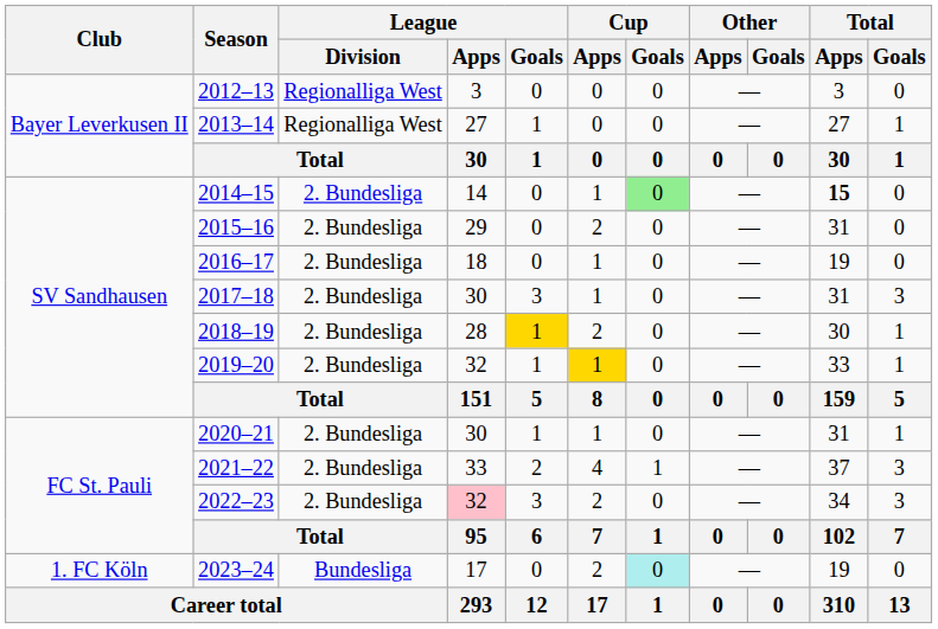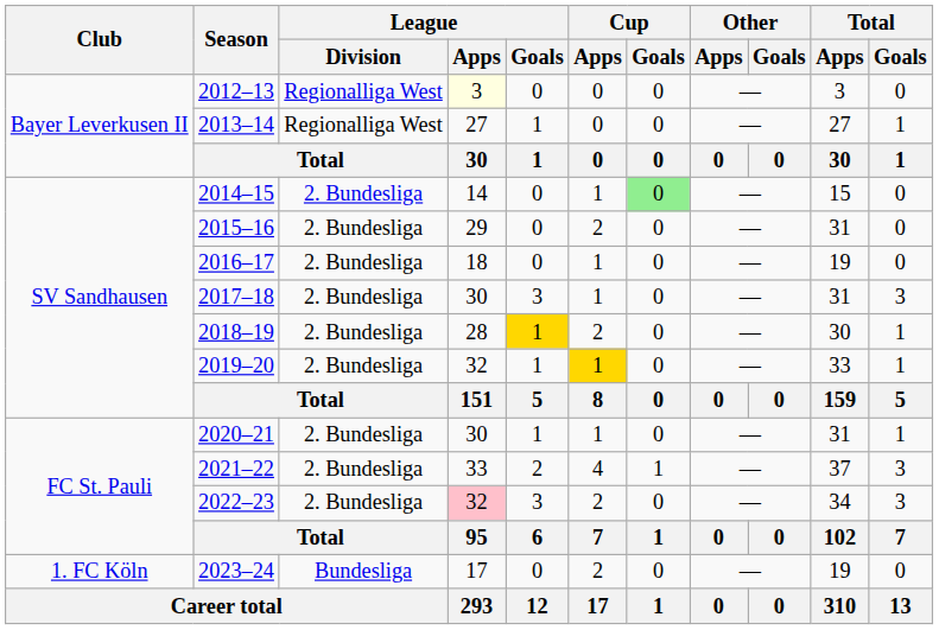 <table class="wikitable" style="text-align:center">
 <tr>
 <th rowspan="2">Club</th>
 <th rowspan="2">Season</th>
 <th colspan="3">League</th>
 <th colspan="2">Cup</th>
 <th colspan="2">Other</th>
 <th colspan="2">Total</th>
 </tr>
 <tr>
 <th>Division</th>
 <th>Apps</th>
 <th>Goals</th>
 <th>Apps</th>
 <th>Goals</th>
 <th>Apps</th>
 <th>Goals</th>
 <th>Apps</th>
 <th>Goals</th>
 </tr>
 <tr>
 <td rowspan="3"><a href='#'>Bayer Leverkusen II</a></td>
 <td><a href='#'>2012–13</a></td>
 <td><a href='#'>Regionalliga West</a></td>
-<td>3</td>
+<td style="background: lightyellow;">3</td>
 <td>0</td>
 <td>0</td>
 <td>0</td>
 <td colspan="2">—</td>
 <td>3</td>
 <td>0</td>
 </tr>
 <tr>
 <td><a href='#'>2013–14</a></td>
 <td>Regionalliga West</td>
 <td>27</td>
 <td>1</td>
 <td>0</td>
 <td>0</td>
 <td colspan="2">—</td>
 <td>27</td>
 <td>1</td>
 </tr>
 <tr>
 <th colspan="2">Total</th>
 <th>30</th>
 <th>1</th>
 <th>0</th>
 <th>0</th>
 <th>0</th>
 <th>0</th>
 <th>30</th>
 <th>1</th>
 </tr>
 <tr>
 <td rowspan="7"><a href='#'>SV Sandhausen</a></td>
 <td><a href='#'>2014–15</a></td>
 <td><a href='#'>2. Bundesliga</a></td>
 <td>14</td>
 <td>0</td>
 <td>1</td>
 <td style="background: lightgreen;">0</td>
 <td colspan="2">—</td>
-<td><strong>15</strong></td>
+<td>15</td>
 <td>0</td>
 </tr>
 <tr>
 <td><a href='#'>2015–16</a></td>
 <td>2. Bundesliga</td>
 <td>29</td>
 <td>0</td>
 <td>2</td>
 <td>0</td>
 <td colspan="2">—</td>
 <td>31</td>
 <td>0</td>
 </tr>
 <tr>
 <td><a href='#'>2016–17</a></td>
 <td>2. Bundesliga</td>
 <td>18</td>
 <td>0</td>
 <td>1</td>
 <td>0</td>
 <td colspan="2">—</td>
 <td>19</td>
 <td>0</td>
 </tr>
 <tr>
 <td><a href='#'>2017–18</a></td>
 <td>2. Bundesliga</td>
 <td>30</td>
 <td>3</td>
 <td>1</td>
 <td>0</td>
 <td colspan="2">—</td>
 <td>31</td>
 <td>3</td>
 </tr>
 <tr>
 <td><a href='#'>2018–19</a></td>
 <td>2. Bundesliga</td>
 <td>28</td>
 <td style="background: gold;">1</td>
 <td>2</td>
 <td>0</td>
 <td colspan="2">—</td>
 <td>30</td>
 <td>1</td>
 </tr>
 <tr>
 <td><a href='#'>2019–20</a></td>
 <td>2. Bundesliga</td>
 <td>32</td>
 <td>1</td>
 <td style="background: gold;">1</td>
 <td>0</td>
 <td colspan="2">—</td>
 <td>33</td>
 <td>1</td>
 </tr>
 <tr>
 <th colspan="2">Total</th>
 <th>151</th>
 <th>5</th>
 <th>8</th>
 <th>0</th>
 <th>0</th>
 <th>0</th>
 <th>159</th>
 <th>5</th>
 </tr>
 <tr>
 <td rowspan="4"><a href='#'>FC St. Pauli</a></td>
 <td><a href='#'>2020–21</a></td>
 <td>2. Bundesliga</td>
 <td>30</td>
 <td>1</td>
 <td>1</td>
 <td>0</td>
 <td colspan="2">—</td>
 <td>31</td>
 <td>1</td>
 </tr>
 <tr>
 <td><a href='#'>2021–22</a></td>
 <td>2. Bundesliga</td>
 <td>33</td>
 <td>2</td>
 <td>4</td>
 <td>1</td>
 <td colspan="2">—</td>
 <td>37</td>
 <td>3</td>
 </tr>
 <tr>
 <td><a href='#'>2022–23</a></td>
 <td>2. Bundesliga</td>
 <td style="background: pink;">32</td>
 <td>3</td>
 <td>2</td>
 <td>0</td>
 <td colspan="2">—</td>
 <td>34</td>
 <td>3</td>
 </tr>
 <tr>
 <th colspan="2">Total</th>
 <th>95</th>
 <th>6</th>
 <th>7</th>
 <th>1</th>
 <th>0</th>
 <th>0</th>
 <th>102</th>
 <th>7</th>
 </tr>
 <tr>
 <td><a href='#'>1. FC Köln</a></td>
 <td><a href='#'>2023–24</a></td>
 <td><a href='#'>Bundesliga</a></td>
 <td>17</td>
 <td>0</td>
 <td>2</td>
-<td style="background: paleturquoise;">0</td>
+<td>0</td>
 <td colspan="2">—</td>
 <td>19</td>
 <td>0</td>
 </tr>
 <tr>
 <th colspan="3">Career total</th>
 <th>293</th>
 <th>12</th>
 <th>17</th>
 <th>1</th>
 <th>0</th>
 <th>0</th>
 <th>310</th>
 <th>13</th>
 </tr>
 </table>
